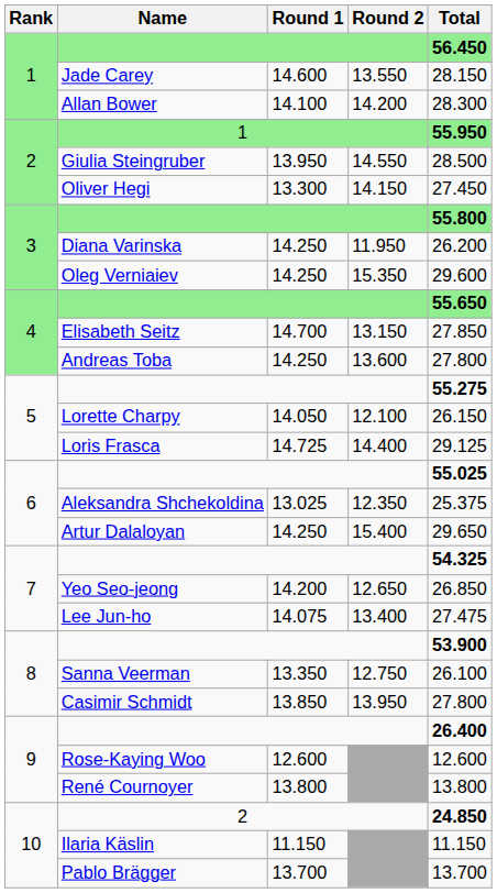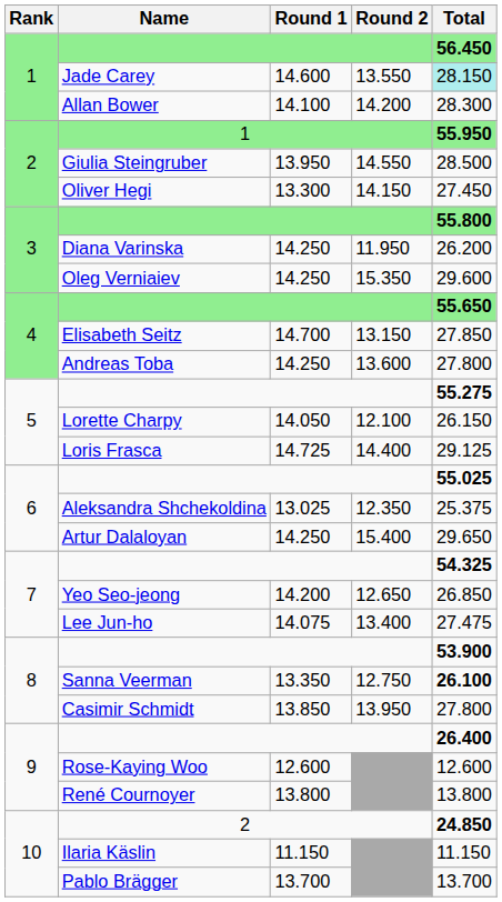 <table class="wikitable" white-space:nowrap">
 <tr>
 <th>Rank</th>
 <th>Name</th>
 <th>Round 1</th>
 <th>Round 2</th>
 <th>Total</th>
 </tr>
 <tr bgcolor="lightgreen">
 <td rowspan="3" align=center>1</td>
 <td align=center colspan="3"></td>
 <td><strong>56.450</strong></td>
 </tr>
 <tr>
 <td><a href='#'>Jade Carey</a></td>
 <td> 14.600</td>
 <td> 13.550</td>
-<td>28.150</td>
+<td style="background: paleturquoise;">28.150</td>
 </tr>
 <tr>
 <td><a href='#'>Allan Bower</a></td>
 <td> 14.100</td>
 <td> 14.200</td>
 <td>28.300</td>
 </tr>
 <tr bgcolor="lightgreen">
 <td rowspan="3" align=center>2</td>
 <td align=center colspan="3"> 1</td>
 <td><strong>55.950</strong></td>
 </tr>
 <tr>
 <td><a href='#'>Giulia Steingruber</a></td>
 <td> 13.950</td>
 <td> 14.550</td>
 <td>28.500</td>
 </tr>
 <tr>
 <td><a href='#'>Oliver Hegi</a></td>
 <td> 13.300</td>
 <td> 14.150</td>
 <td>27.450</td>
 </tr>
 <tr bgcolor="lightgreen">
 <td rowspan="3" align=center>3</td>
 <td align=center colspan="3"></td>
 <td><strong>55.800</strong></td>
 </tr>
 <tr>
 <td><a href='#'>Diana Varinska</a></td>
 <td> 14.250</td>
 <td> 11.950</td>
 <td>26.200</td>
 </tr>
 <tr>
 <td><a href='#'>Oleg Verniaiev</a></td>
 <td> 14.250</td>
 <td> 15.350</td>
 <td>29.600</td>
 </tr>
 <tr bgcolor="lightgreen">
 <td rowspan="3" align=center>4</td>
 <td align=center colspan="3"></td>
 <td><strong>55.650</strong></td>
 </tr>
 <tr>
 <td><a href='#'>Elisabeth Seitz</a></td>
 <td> 14.700</td>
 <td> 13.150</td>
 <td>27.850</td>
 </tr>
 <tr>
 <td><a href='#'>Andreas Toba</a></td>
 <td> 14.250</td>
 <td> 13.600</td>
 <td>27.800</td>
 </tr>
 <tr>
 <td rowspan="3" align=center>5</td>
 <td align=center colspan="3"></td>
 <td><strong>55.275</strong></td>
 </tr>
 <tr>
 <td><a href='#'>Lorette Charpy</a></td>
 <td> 14.050</td>
 <td> 12.100</td>
 <td>26.150</td>
 </tr>
 <tr>
 <td><a href='#'>Loris Frasca</a></td>
 <td> 14.725</td>
 <td> 14.400</td>
 <td>29.125</td>
 </tr>
 <tr>
 <td rowspan="3" align=center>6</td>
 <td align=center colspan="3"></td>
 <td><strong>55.025</strong></td>
 </tr>
 <tr>
 <td><a href='#'>Aleksandra Shchekoldina</a></td>
 <td> 13.025</td>
 <td> 12.350</td>
 <td>25.375</td>
 </tr>
 <tr>
 <td><a href='#'>Artur Dalaloyan</a></td>
 <td> 14.250</td>
 <td> 15.400</td>
 <td>29.650</td>
 </tr>
 <tr>
 <td rowspan="3" align=center>7</td>
 <td align=center colspan="3"></td>
 <td><strong>54.325</strong></td>
 </tr>
 <tr>
 <td><a href='#'>Yeo Seo-jeong</a></td>
 <td> 14.200</td>
 <td> 12.650</td>
 <td>26.850</td>
 </tr>
 <tr>
 <td><a href='#'>Lee Jun-ho</a></td>
 <td> 14.075</td>
 <td> 13.400</td>
 <td>27.475</td>
 </tr>
 <tr>
 <td rowspan="3" align=center>8</td>
 <td align=center colspan="3"></td>
 <td><strong>53.900</strong></td>
 </tr>
 <tr>
 <td><a href='#'>Sanna Veerman</a></td>
 <td> 13.350</td>
 <td> 12.750</td>
-<td>26.100</td>
+<td><strong>26.100</strong></td>
 </tr>
 <tr>
 <td><a href='#'>Casimir Schmidt</a></td>
 <td> 13.850</td>
 <td> 13.950</td>
 <td>27.800</td>
 </tr>
 <tr>
 <td rowspan="3" align=center>9</td>
 <td align=center colspan="3"></td>
 <td><strong>26.400</strong></td>
 </tr>
 <tr>
 <td><a href='#'>Rose-Kaying Woo</a></td>
 <td> 12.600</td>
 <td rowspan="2" bgcolor="darkgrey"></td>
 <td>12.600</td>
 </tr>
 <tr>
 <td><a href='#'>René Cournoyer</a></td>
 <td> 13.800</td>
 <td>13.800</td>
 </tr>
 <tr>
 <td rowspan="3" align=center>10</td>
 <td align=center colspan="3"> 2</td>
 <td><strong>24.850</strong></td>
 </tr>
 <tr>
 <td><a href='#'>Ilaria Käslin</a></td>
 <td> 11.150</td>
 <td rowspan="2" bgcolor="darkgrey"></td>
 <td>11.150</td>
 </tr>
 <tr>
 <td><a href='#'>Pablo Brägger</a></td>
 <td> 13.700</td>
 <td>13.700</td>
 </tr>
 </table>
